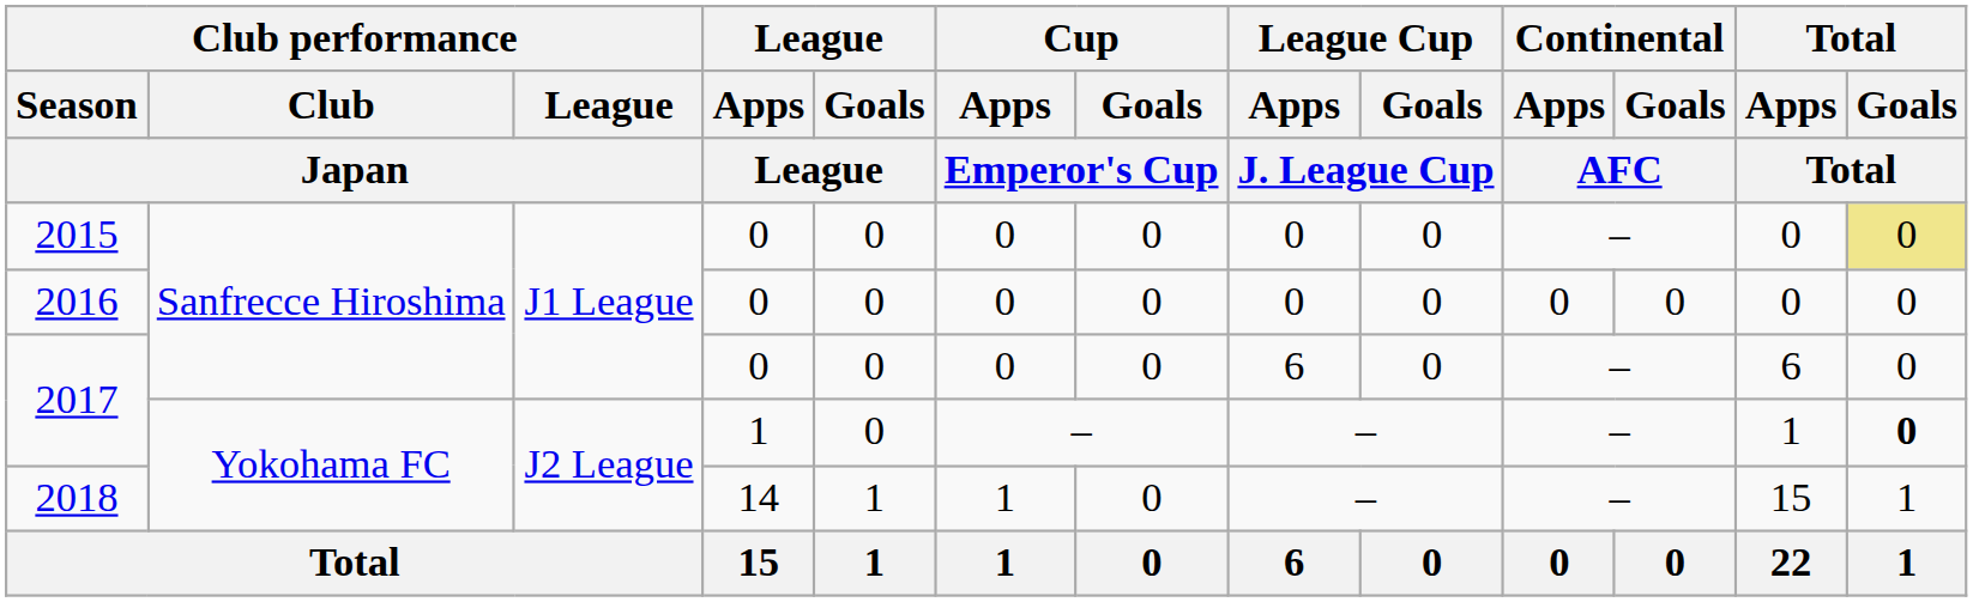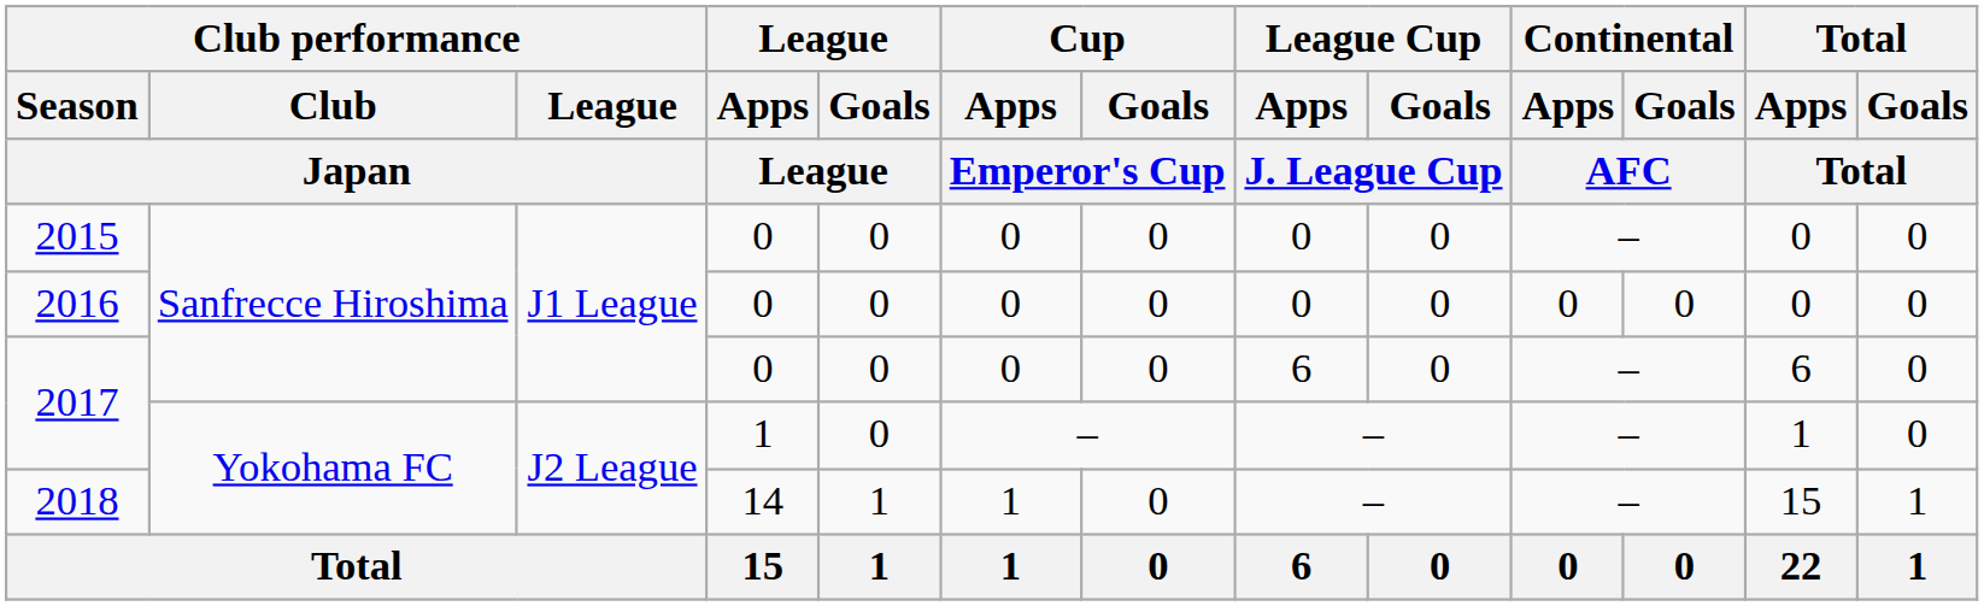 <table class="wikitable" style="text-align:center;">
 <tr>
 <th colspan=3>Club performance</th>
 <th colspan=2>League</th>
 <th colspan=2>Cup</th>
 <th colspan=2>League Cup</th>
 <th colspan=2>Continental</th>
 <th colspan=2>Total</th>
 </tr>
 <tr>
 <th>Season</th>
 <th>Club</th>
 <th>League</th>
 <th>Apps</th>
 <th>Goals</th>
 <th>Apps</th>
 <th>Goals</th>
 <th>Apps</th>
 <th>Goals</th>
 <th>Apps</th>
 <th>Goals</th>
 <th>Apps</th>
 <th>Goals</th>
 </tr>
 <tr>
 <th colspan=3>Japan</th>
 <th colspan=2>League</th>
 <th colspan=2><a href='#'>Emperor's Cup</a></th>
 <th colspan=2><a href='#'>J. League Cup</a></th>
 <th colspan=2><a href='#'>AFC</a></th>
 <th colspan=2>Total</th>
 </tr>
 <tr>
 <td><a href='#'>2015</a></td>
 <td rowspan="3"><a href='#'>Sanfrecce Hiroshima</a></td>
 <td rowspan="3"><a href='#'>J1 League</a></td>
 <td>0</td>
 <td>0</td>
 <td>0</td>
 <td>0</td>
 <td>0</td>
 <td>0</td>
 <td colspan="2">–</td>
 <td>0</td>
-<td style="background: khaki;">0</td>
+<td>0</td>
 </tr>
 <tr>
 <td><a href='#'>2016</a></td>
 <td>0</td>
 <td>0</td>
 <td>0</td>
 <td>0</td>
 <td>0</td>
 <td>0</td>
 <td>0</td>
 <td>0</td>
 <td>0</td>
 <td>0</td>
 </tr>
 <tr>
 <td rowspan="2"><a href='#'>2017</a></td>
 <td>0</td>
 <td>0</td>
 <td>0</td>
 <td>0</td>
 <td>6</td>
 <td>0</td>
 <td colspan="2">–</td>
 <td>6</td>
 <td>0</td>
 </tr>
 <tr>
 <td rowspan="2"><a href='#'>Yokohama FC</a></td>
 <td rowspan="2"><a href='#'>J2 League</a></td>
 <td>1</td>
 <td>0</td>
 <td colspan="2">–</td>
 <td colspan="2">–</td>
 <td colspan="2">–</td>
 <td>1</td>
-<td><strong>0</strong></td>
+<td>0</td>
 </tr>
 <tr>
 <td><a href='#'>2018</a></td>
 <td>14</td>
 <td>1</td>
 <td>1</td>
 <td>0</td>
 <td colspan="2">–</td>
 <td colspan="2">–</td>
 <td>15</td>
 <td>1</td>
 </tr>
 <tr>
 <th colspan=3>Total</th>
 <th>15</th>
 <th>1</th>
 <th>1</th>
 <th>0</th>
 <th>6</th>
 <th>0</th>
 <th>0</th>
 <th>0</th>
 <th>22</th>
 <th>1</th>
 </tr>
 </table>
